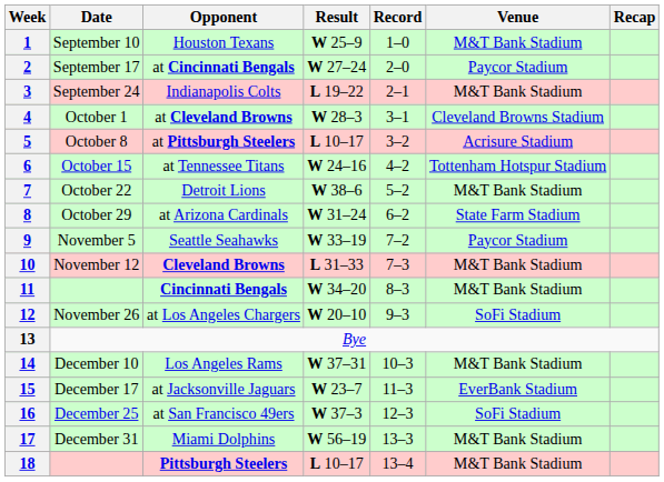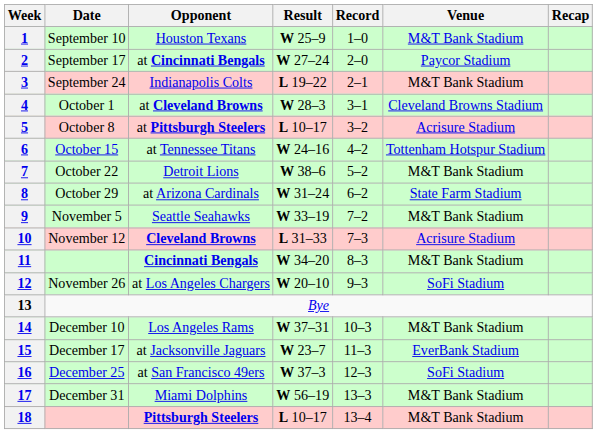 <table class="wikitable" style="text-align:center">
 <tr>
 <th>Week</th>
 <th>Date</th>
 <th>Opponent</th>
 <th>Result</th>
 <th>Record</th>
 <th>Venue</th>
 <th>Recap</th>
 </tr>
 <tr style="background:#cfc">
 <th><a href='#'>1</a></th>
 <td>September 10</td>
 <td><a href='#'>Houston Texans</a></td>
 <td><strong>W</strong> 25–9</td>
 <td>1–0</td>
 <td><a href='#'>M&T Bank Stadium</a></td>
 <td></td>
 </tr>
 <tr style="background:#cfc">
 <th><a href='#'>2</a></th>
 <td>September 17</td>
 <td>at <strong><a href='#'>Cincinnati Bengals</a></strong></td>
 <td><strong>W</strong> 27–24</td>
 <td>2–0</td>
 <td><a href='#'>Paycor Stadium</a></td>
 <td></td>
 </tr>
 <tr style="background:#fcc">
 <th><a href='#'>3</a></th>
 <td>September 24</td>
 <td><a href='#'>Indianapolis Colts</a></td>
 <td><strong>L</strong> 19–22 </td>
 <td>2–1</td>
 <td>M&T Bank Stadium</td>
 <td></td>
 </tr>
 <tr style="background:#cfc">
 <th><a href='#'>4</a></th>
 <td>October 1</td>
 <td>at <strong><a href='#'>Cleveland Browns</a></strong></td>
 <td><strong>W</strong> 28–3</td>
 <td>3–1</td>
 <td><a href='#'>Cleveland Browns Stadium</a></td>
 <td></td>
 </tr>
 <tr style="background:#fcc">
 <th><a href='#'>5</a></th>
 <td>October 8</td>
 <td>at <strong><a href='#'>Pittsburgh Steelers</a></strong></td>
 <td><strong>L</strong> 10–17</td>
 <td>3–2</td>
 <td><a href='#'>Acrisure Stadium</a></td>
 <td></td>
 </tr>
 <tr style="background:#cfc">
 <th><a href='#'>6</a></th>
 <td><a href='#'>October 15</a></td>
 <td>at <a href='#'>Tennessee Titans</a></td>
 <td><strong>W</strong> 24–16</td>
 <td>4–2</td>
 <td> <a href='#'>Tottenham Hotspur Stadium</a> </td>
 <td></td>
 </tr>
 <tr style="background:#cfc">
 <th><a href='#'>7</a></th>
 <td>October 22</td>
 <td><a href='#'>Detroit Lions</a></td>
 <td><strong>W</strong> 38–6</td>
 <td>5–2</td>
 <td>M&T Bank Stadium</td>
 <td></td>
 </tr>
 <tr style="background:#cfc">
 <th><a href='#'>8</a></th>
 <td>October 29</td>
 <td>at <a href='#'>Arizona Cardinals</a></td>
 <td><strong>W</strong> 31–24</td>
 <td>6–2</td>
 <td><a href='#'>State Farm Stadium</a></td>
 <td></td>
 </tr>
 <tr style="background:#cfc">
 <th><a href='#'>9</a></th>
 <td>November 5</td>
 <td><a href='#'>Seattle Seahawks</a></td>
 <td><strong>W</strong> 33–19</td>
 <td>7–2</td>
-<td><a href='#'>Paycor Stadium</a></td>
+<td>M&T Bank Stadium</td>
 <td></td>
 </tr>
 <tr style="background:#fcc">
 <th><a href='#'>10</a></th>
 <td>November 12</td>
 <td><strong><a href='#'>Cleveland Browns</a></strong></td>
 <td><strong>L</strong> 31–33</td>
 <td>7–3</td>
-<td>M&T Bank Stadium</td>
+<td><a href='#'>Acrisure Stadium</a></td>
 <td></td>
 </tr>
 <tr style="background:#cfc">
 <th><a href='#'>11</a></th>
 <td></td>
 <td><strong><a href='#'>Cincinnati Bengals</a></strong></td>
 <td><strong>W</strong> 34–20</td>
 <td>8–3</td>
 <td>M&T Bank Stadium</td>
 <td></td>
 </tr>
 <tr style="background:#cfc">
 <th><a href='#'>12</a></th>
 <td>November 26</td>
 <td>at <a href='#'>Los Angeles Chargers</a></td>
 <td><strong>W</strong> 20–10</td>
 <td>9–3</td>
 <td><a href='#'>SoFi Stadium</a></td>
 <td></td>
 </tr>
 <tr>
 <th>13</th>
 <td colspan="6"><em><a href='#'>Bye</a></em></td>
 </tr>
 <tr style="background:#cfc">
 <th><a href='#'>14</a></th>
 <td>December 10</td>
 <td><a href='#'>Los Angeles Rams</a></td>
 <td><strong>W</strong> 37–31 </td>
 <td>10–3</td>
 <td>M&T Bank Stadium</td>
 <td></td>
 </tr>
 <tr style="background:#cfc">
 <th><a href='#'>15</a></th>
 <td>December 17</td>
 <td>at <a href='#'>Jacksonville Jaguars</a></td>
 <td><strong>W</strong> 23–7</td>
 <td>11–3</td>
 <td><a href='#'>EverBank Stadium</a></td>
 <td></td>
 </tr>
 <tr style="background:#cfc">
 <th><a href='#'>16</a></th>
 <td><a href='#'>December 25</a></td>
 <td>at <a href='#'>San Francisco 49ers</a></td>
 <td><strong>W</strong> 37–3</td>
 <td>12–3</td>
 <td><a href='#'>SoFi Stadium</a></td>
 <td></td>
 </tr>
 <tr style="background:#cfc">
 <th><a href='#'>17</a></th>
 <td>December 31</td>
 <td><a href='#'>Miami Dolphins</a></td>
 <td><strong>W</strong> 56–19</td>
 <td>13–3</td>
 <td>M&T Bank Stadium</td>
 <td></td>
 </tr>
 <tr style="background:#fcc">
 <th><a href='#'>18</a></th>
 <td></td>
 <td><strong><a href='#'>Pittsburgh Steelers</a></strong></td>
 <td><strong>L</strong> 10–17</td>
 <td>13–4</td>
 <td>M&T Bank Stadium</td>
 <td></td>
 </tr>
 </table>
